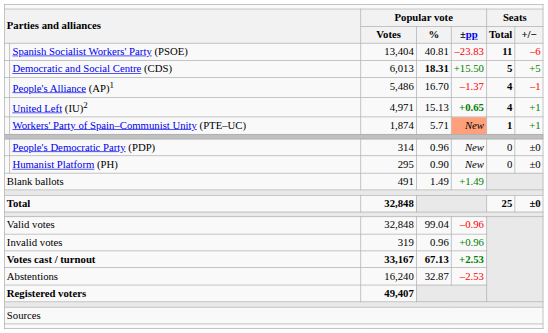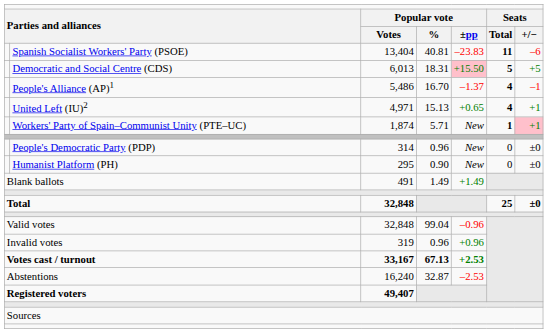 <table class="wikitable" style="text-align:right;">
 <tr>
 <td colspan="7"></td>
 </tr>
 <tr>
 <th style="text-align:left;" rowspan="2" colspan="2" width="525">Parties and alliances</th>
 <th colspan="3">Popular vote</th>
 <th colspan="2">Seats</th>
 </tr>
 <tr>
 <th width="75">Votes</th>
 <th width="45">%</th>
 <th width="45">±<a href='#'>pp</a></th>
 <th width="35">Total</th>
 <th width="35">+/−</th>
 </tr>
 <tr>
 <td width="1" style="color:inherit;background:"></td>
 <td align="left"><a href='#'>Spanish Socialist Workers' Party</a> (PSOE)</td>
 <td>13,404</td>
 <td>40.81</td>
 <td style="color:red;">–23.83</td>
 <td><strong>11</strong></td>
 <td style="color:red;">–6</td>
 </tr>
 <tr>
 <td style="color:inherit;background:"></td>
 <td align="left"><a href='#'>Democratic and Social Centre</a> (CDS)</td>
 <td>6,013</td>
-<td><strong>18.31</strong></td>
-<td style="color:green;">+15.50</td>
+<td>18.31</td>
+<td style="background: pink; color:green;">+15.50</td>
 <td><strong>5</strong></td>
 <td style="color:green;">+5</td>
 </tr>
 <tr>
 <td style="color:inherit;background:"></td>
 <td align="left"><a href='#'>People's Alliance</a> (AP)<sup>1</sup></td>
 <td>5,486</td>
 <td>16.70</td>
 <td style="color:red;">–1.37</td>
 <td><strong>4</strong></td>
 <td style="color:red;">–1</td>
 </tr>
 <tr>
 <td style="color:inherit;background:"></td>
 <td align="left"><a href='#'>United Left</a> (IU)<sup>2</sup></td>
 <td>4,971</td>
 <td>15.13</td>
-<td style="color:green;"><strong>+0.65</strong></td>
+<td style="color:green;">+0.65</td>
 <td><strong>4</strong></td>
 <td style="color:green;">+1</td>
 </tr>
 <tr>
 <td style="color:inherit;background:"></td>
 <td align="left"><a href='#'>Workers' Party of Spain–Communist Unity</a> (PTE–UC)</td>
 <td>1,874</td>
 <td>5.71</td>
-<td style="background: lightsalmon;"><em>New</em></td>
+<td><em>New</em></td>
 <td><strong>1</strong></td>
-<td style="color:green;">+1</td>
+<td style="background: pink; color:green;">+1</td>
 </tr>
 <tr>
 <td colspan="7" bgcolor="#C0C0C0"></td>
 </tr>
 <tr>
 <td style="color:inherit;background:"></td>
 <td align="left"><a href='#'>People's Democratic Party</a> (PDP)</td>
 <td>314</td>
 <td>0.96</td>
 <td><em>New</em></td>
 <td>0</td>
 <td>±0</td>
 </tr>
 <tr>
 <td style="color:inherit;background:"></td>
 <td align="left"><a href='#'>Humanist Platform</a> (PH)</td>
 <td>295</td>
 <td>0.90</td>
 <td><em>New</em></td>
 <td>0</td>
 <td>±0</td>
 </tr>
 <tr>
 <td align="left" colspan="2">Blank ballots</td>
 <td>491</td>
 <td>1.49</td>
 <td style="color:green;">+1.49</td>
 <td bgcolor="#E9E9E9" colspan="2"></td>
 </tr>
 <tr>
 <td colspan="7" bgcolor="#E9E9E9"></td>
 </tr>
 <tr style="font-weight:bold;">
 <td align="left" colspan="2">Total</td>
 <td>32,848</td>
 <td bgcolor="#E9E9E9" colspan="2"></td>
 <td>25</td>
 <td>±0</td>
 </tr>
 <tr>
 <td colspan="7" bgcolor="#E9E9E9"></td>
 </tr>
 <tr>
 <td align="left" colspan="2">Valid votes</td>
 <td>32,848</td>
 <td>99.04</td>
 <td style="color:red;">–0.96</td>
 <td bgcolor="#E9E9E9" colspan="2" rowspan="5"></td>
 </tr>
 <tr>
 <td align="left" colspan="2">Invalid votes</td>
 <td>319</td>
 <td>0.96</td>
 <td style="color:green;">+0.96</td>
 </tr>
 <tr style="font-weight:bold;">
 <td align="left" colspan="2">Votes cast / turnout</td>
 <td>33,167</td>
 <td>67.13</td>
 <td style="color:green;">+2.53</td>
 </tr>
 <tr>
 <td align="left" colspan="2">Abstentions</td>
 <td>16,240</td>
 <td>32.87</td>
 <td style="color:red;">–2.53</td>
 </tr>
 <tr style="font-weight:bold;">
 <td align="left" colspan="2">Registered voters</td>
 <td>49,407</td>
 <td bgcolor="#E9E9E9" colspan="2"></td>
 </tr>
 <tr>
 <td colspan="7" bgcolor="#E9E9E9"></td>
 </tr>
 <tr>
 <td align="left" colspan="7">Sources</td>
 </tr>
 <tr>
 <td colspan="7" style="text-align:left; max-width:790px;"></td>
 </tr>
 </table>
